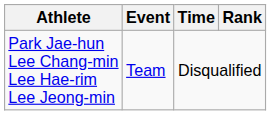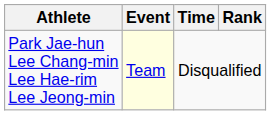 <table class=wikitable style="font-size:90%;">
 <tr>
 <th>Athlete</th>
 <th>Event</th>
 <th>Time</th>
 <th>Rank</th>
 </tr>
 <tr style="text-align:center">
 <td style="text-align:left"><a href='#'>Park Jae-hun</a><br><a href='#'>Lee Chang-min</a> <br><a href='#'>Lee Hae-rim</a><br><a href='#'>Lee Jeong-min</a></td>
-<td style="text-align:left"><a href='#'>Team</a></td>
+<td style="background: lightyellow; text-align:left"><a href='#'>Team</a></td>
 <td colspan=2>Disqualified</td>
 </tr>
 </table>
